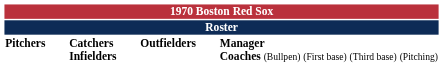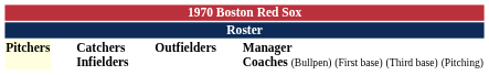 <table class="toccolours" style="text-align: left;">
 <tr>
 <th colspan="10" style="background-color: #ba313c; color: white; text-align: center;">1970 Boston Red Sox</th>
 </tr>
 <tr>
 <td colspan="10" style="background-color: #0d2b56; color: white; text-align: center;"><strong>Roster</strong></td>
 </tr>
 <tr>
-<td valign="top"><strong>Pitchers</strong><br>                   </td>
+<td valign="top" style="background: lightyellow;"><strong>Pitchers</strong><br>                   </td>
 <td width="25px"></td>
 <td valign="top"><strong>Catchers</strong><br>   <strong>Infielders</strong>           </td>
 <td width="25px"></td>
 <td valign="top"><strong>Outfielders</strong><br>     </td>
 <td width="25px"></td>
 <td valign="top"><strong>Manager</strong><br> <strong>Coaches</strong>  <small>(Bullpen)</small>  <small>(First base)</small>  <small>(Third base)</small>   <small>(Pitching)</small></td>
 </tr>
 <tr>
 </tr>
 </table>
